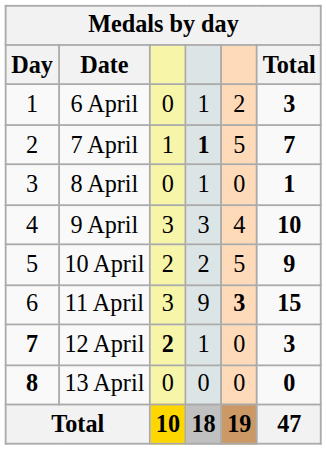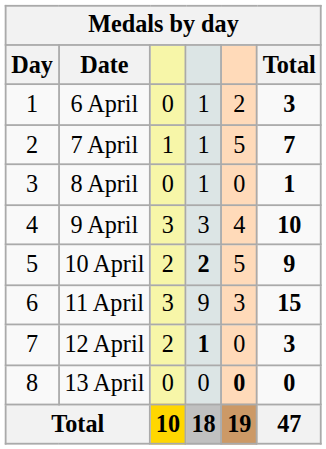 <table class=wikitable style=font-size:85%;float:right;text-align:center>
 <tr style="background:#efefef;">
 <th colspan=6>Medals by day</th>
 </tr>
 <tr>
 <th>Day</th>
 <th>Date</th>
 <td bgcolor=F7F6A8></td>
 <td bgcolor=DCE5E5></td>
 <td bgcolor=FFDAB9></td>
 <th>Total</th>
 </tr>
 <tr>
 <td>1</td>
 <td>6 April</td>
 <td bgcolor=F7F6A8>0</td>
 <td bgcolor=DCE5E5>1</td>
 <td bgcolor=FFDAB9>2</td>
 <td><strong>3</strong></td>
 </tr>
 <tr style="text-align:center">
 <td>2</td>
 <td>7 April</td>
 <td bgcolor=F7F6A8>1</td>
-<td bgcolor=DCE5E5><strong>1</strong></td>
+<td bgcolor=DCE5E5>1</td>
 <td bgcolor=FFDAB9>5</td>
 <td><strong>7</strong></td>
 </tr>
 <tr style="text-align:center">
 <td>3</td>
 <td>8 April</td>
 <td bgcolor=F7F6A8>0</td>
 <td bgcolor=DCE5E5>1</td>
 <td bgcolor=FFDAB9>0</td>
 <td><strong>1</strong></td>
 </tr>
 <tr style="text-align:center">
 <td>4</td>
 <td>9 April</td>
 <td bgcolor=F7F6A8>3</td>
 <td bgcolor=DCE5E5>3</td>
 <td bgcolor=FFDAB9>4</td>
 <td><strong>10</strong></td>
 </tr>
 <tr style="text-align:center">
 <td>5</td>
 <td>10 April</td>
 <td bgcolor=F7F6A8>2</td>
-<td bgcolor=DCE5E5>2</td>
+<td bgcolor=DCE5E5><strong>2</strong></td>
 <td bgcolor=FFDAB9>5</td>
 <td><strong>9</strong></td>
 </tr>
 <tr style="text-align:center">
 <td>6</td>
 <td>11 April</td>
 <td bgcolor=F7F6A8>3</td>
 <td bgcolor=DCE5E5>9</td>
-<td bgcolor=FFDAB9><strong>3</strong></td>
+<td bgcolor=FFDAB9>3</td>
 <td><strong>15</strong></td>
 </tr>
 <tr style="text-align:center">
-<td><strong>7</strong></td>
+<td>7</td>
 <td>12 April</td>
-<td bgcolor=F7F6A8><strong>2</strong></td>
-<td bgcolor=DCE5E5>1</td>
+<td bgcolor=F7F6A8>2</td>
+<td bgcolor=DCE5E5><strong>1</strong></td>
 <td bgcolor=FFDAB9>0</td>
 <td><strong>3</strong></td>
 </tr>
 <tr style="text-align:center">
-<td><strong>8</strong></td>
+<td>8</td>
 <td>13 April</td>
 <td bgcolor=F7F6A8>0</td>
 <td bgcolor=DCE5E5>0</td>
-<td bgcolor=FFDAB9>0</td>
+<td bgcolor=FFDAB9><strong>0</strong></td>
 <td><strong>0</strong></td>
 </tr>
 <tr>
 <th colspan=2>Total</th>
 <th style="background:gold">10</th>
 <th style="background:silver">18</th>
 <th style="background:#c96">19</th>
 <th>47</th>
 </tr>
 </table>
